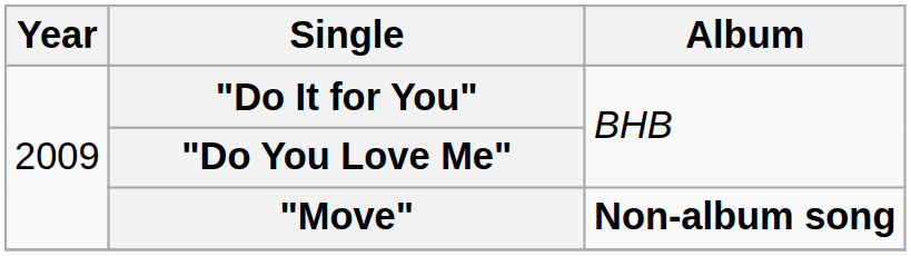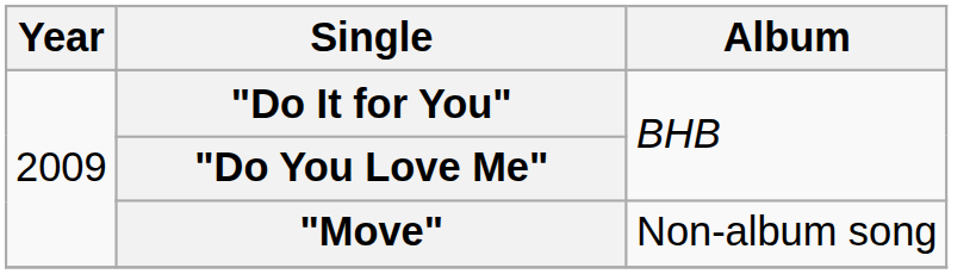 <table class="wikitable plainrowheaders" style="text-align:center;">
 <tr>
 <th>Year</th>
 <th style="width:12em;">Single</th>
 <th>Album</th>
 </tr>
 <tr>
 <td rowspan="3">2009</td>
 <th scope="row">"Do It for You"</th>
 <td align="left" rowspan="2"><em>BHB</em></td>
 </tr>
 <tr>
 <th scope="row">"Do You Love Me"</th>
 </tr>
 <tr>
 <th scope="row">"Move"</th>
-<td align="left"><strong>Non-album song</strong></td>
+<td align="left">Non-album song</td>
 </tr>
 <tr>
 </tr>
 </table>
